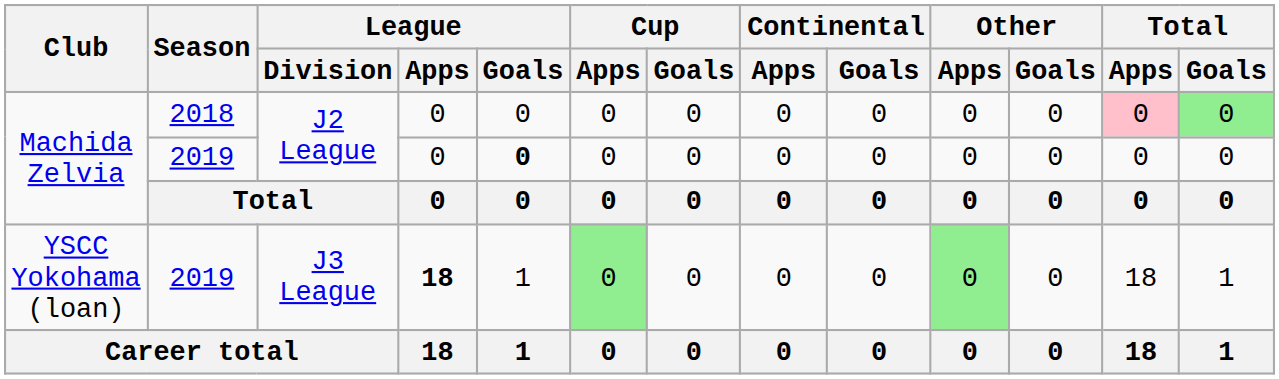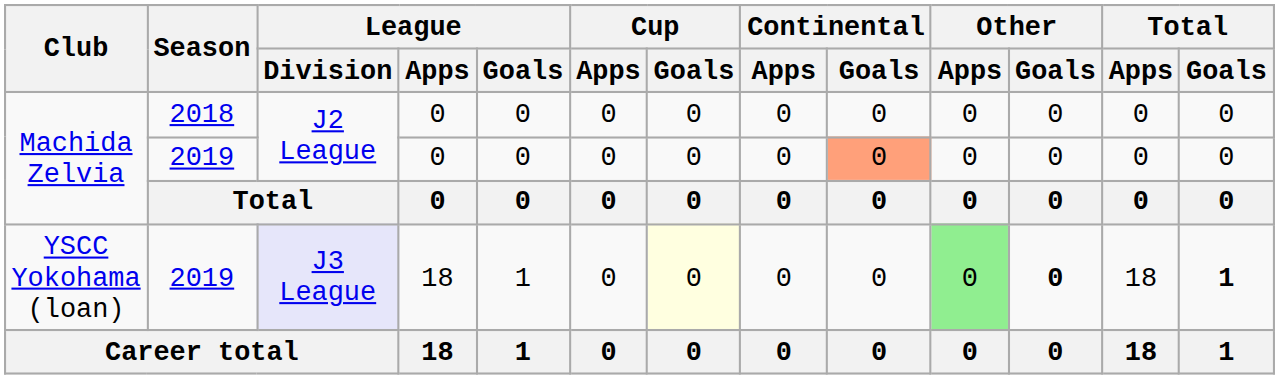 <table class="wikitable" style="text-align: center">
 <tr>
 <th rowspan="2">Club</th>
 <th rowspan="2">Season</th>
 <th colspan="3">League</th>
 <th colspan="2">Cup</th>
 <th colspan="2">Continental</th>
 <th colspan="2">Other</th>
 <th colspan="2">Total</th>
 </tr>
 <tr>
 <th>Division</th>
 <th>Apps</th>
 <th>Goals</th>
 <th>Apps</th>
 <th>Goals</th>
 <th>Apps</th>
 <th>Goals</th>
 <th>Apps</th>
 <th>Goals</th>
 <th>Apps</th>
 <th>Goals</th>
 </tr>
 <tr>
 <td rowspan="3"><a href='#'>Machida Zelvia</a></td>
 <td><a href='#'>2018</a></td>
 <td rowspan="2"><a href='#'>J2 League</a></td>
 <td>0</td>
 <td>0</td>
 <td>0</td>
 <td>0</td>
 <td>0</td>
 <td>0</td>
 <td>0</td>
 <td>0</td>
-<td style="background: pink;">0</td>
-<td style="background: lightgreen;">0</td>
+<td>0</td>
+<td>0</td>
 </tr>
 <tr>
 <td><a href='#'>2019</a></td>
 <td>0</td>
-<td><strong>0</strong></td>
 <td>0</td>
 <td>0</td>
 <td>0</td>
 <td>0</td>
+<td style="background: lightsalmon;">0</td>
 <td>0</td>
 <td>0</td>
 <td>0</td>
 <td>0</td>
 </tr>
 <tr>
 <th colspan=2>Total</th>
 <th>0</th>
 <th>0</th>
 <th>0</th>
 <th>0</th>
 <th>0</th>
 <th>0</th>
 <th>0</th>
 <th>0</th>
 <th>0</th>
 <th>0</th>
 </tr>
 <tr>
 <td><a href='#'>YSCC Yokohama</a> (loan)</td>
 <td><a href='#'>2019</a></td>
-<td><a href='#'>J3 League</a></td>
-<td><strong>18</strong></td>
+<td style="background: lavender;"><a href='#'>J3 League</a></td>
+<td>18</td>
 <td>1</td>
-<td style="background: lightgreen;">0</td>
 <td>0</td>
+<td style="background: lightyellow;">0</td>
 <td>0</td>
 <td>0</td>
 <td style="background: lightgreen;">0</td>
-<td>0</td>
+<td><strong>0</strong></td>
 <td>18</td>
-<td>1</td>
+<td><strong>1</strong></td>
 </tr>
 <tr>
 <th colspan=3>Career total</th>
 <th>18</th>
 <th>1</th>
 <th>0</th>
 <th>0</th>
 <th>0</th>
 <th>0</th>
 <th>0</th>
 <th>0</th>
 <th>18</th>
 <th>1</th>
 </tr>
 </table>
